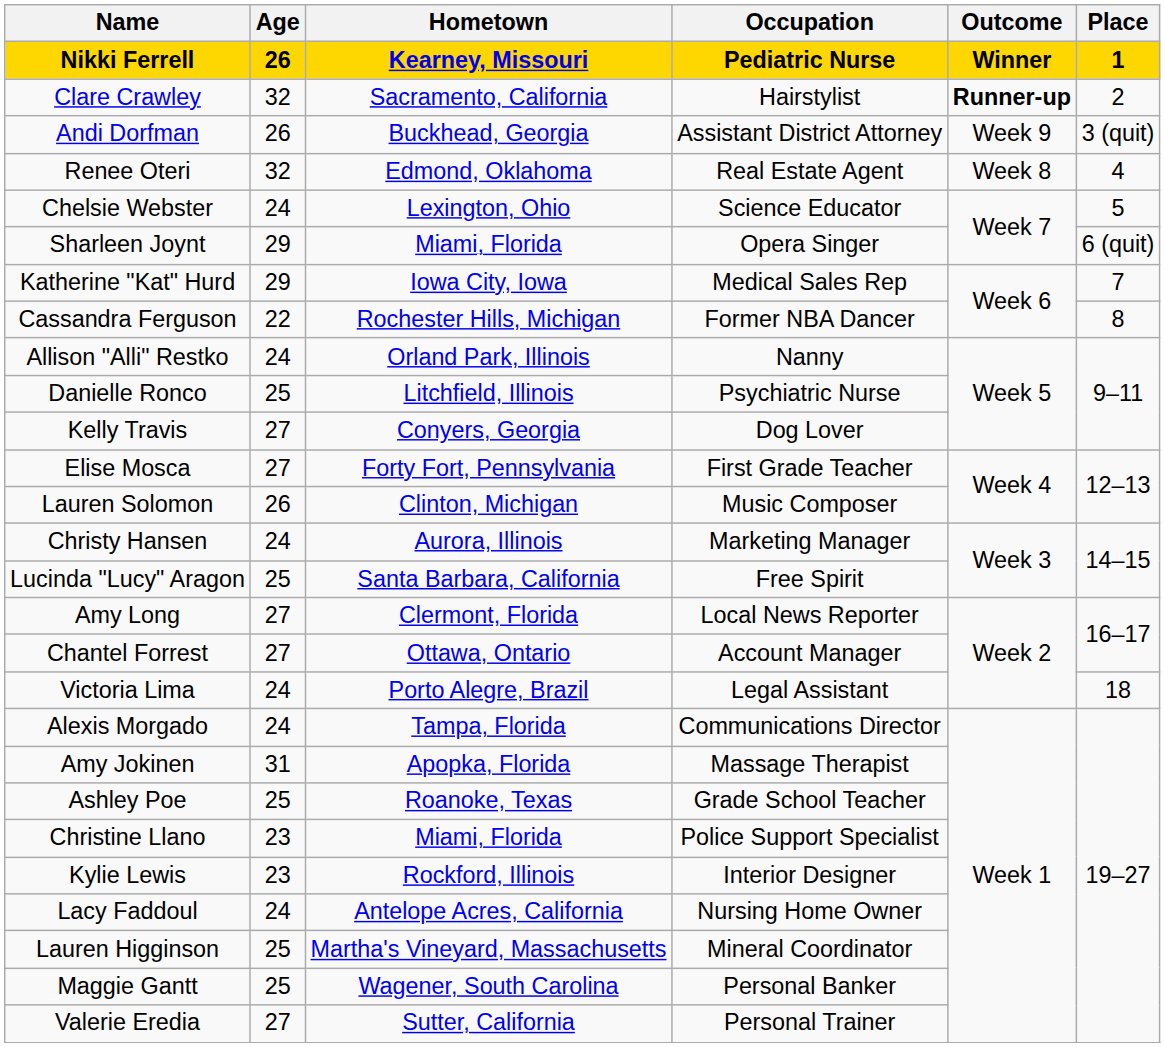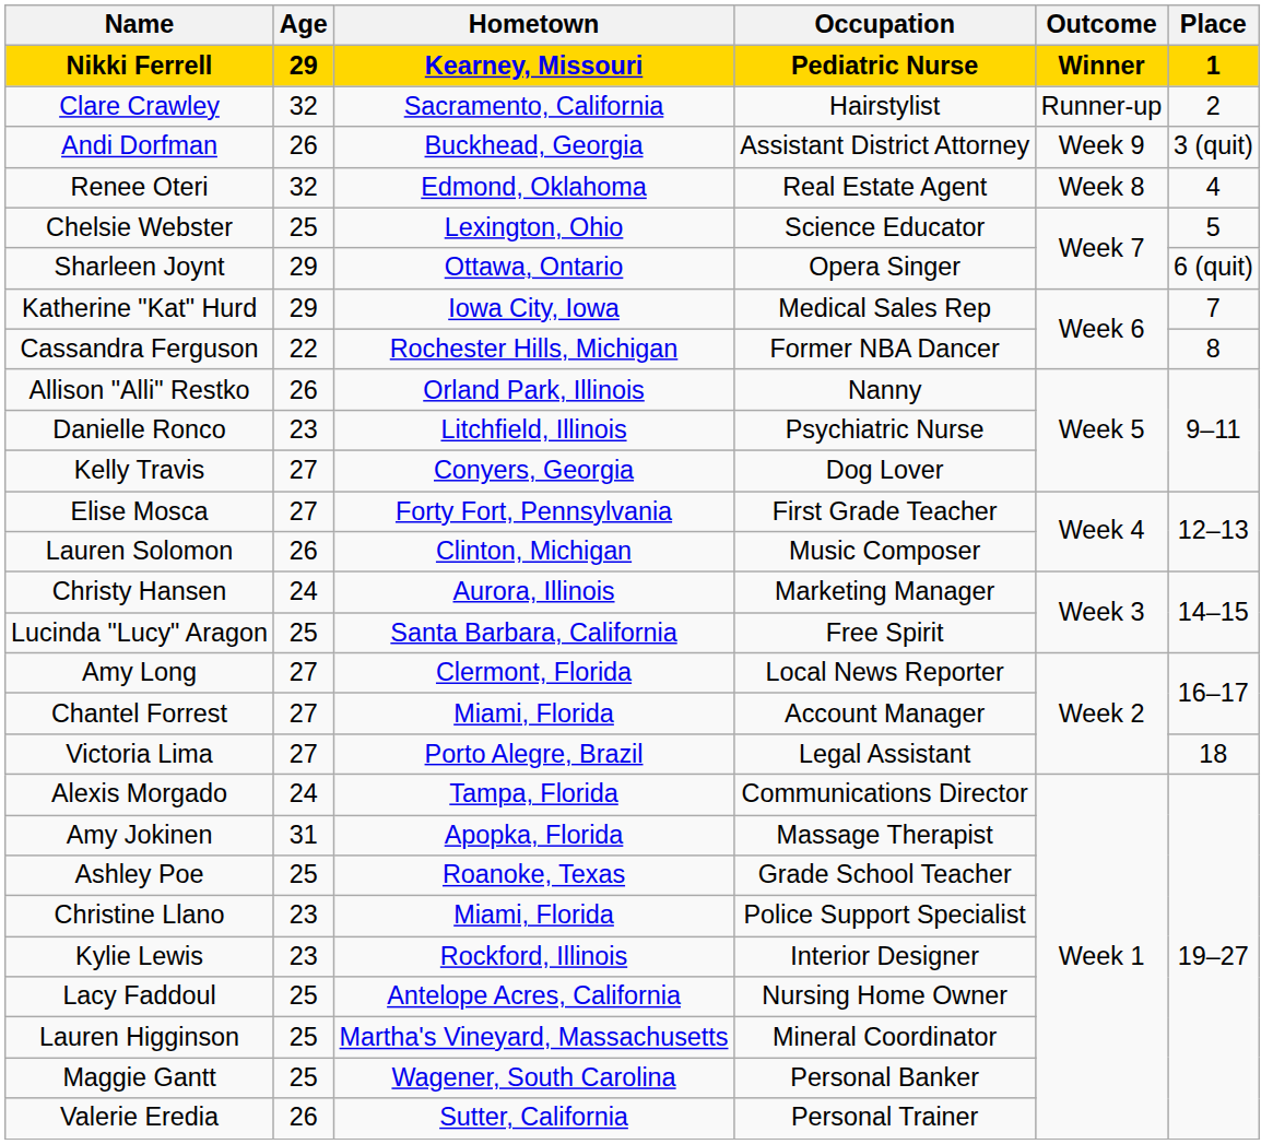 <table class="wikitable sortable" style="text-align:center;">
 <tr>
 <th>Name</th>
 <th>Age</th>
 <th>Hometown</th>
 <th>Occupation</th>
 <th>Outcome</th>
 <th>Place</th>
 </tr>
 <tr bgcolor="gold">
 <td><strong>Nikki Ferrell</strong></td>
-<td><strong>26</strong></td>
+<td><strong>29</strong></td>
 <td><strong><a href='#'>Kearney, Missouri</a></strong></td>
 <td><strong>Pediatric Nurse</strong></td>
 <td><strong>Winner</strong></td>
 <td><strong>1</strong></td>
 </tr>
 <tr>
 <td><a href='#'>Clare Crawley</a></td>
 <td>32</td>
 <td><a href='#'>Sacramento, California</a></td>
 <td>Hairstylist</td>
-<td><strong>Runner-up</strong></td>
+<td>Runner-up</td>
 <td>2</td>
 </tr>
 <tr>
 <td><a href='#'>Andi Dorfman</a></td>
 <td>26</td>
 <td><a href='#'>Buckhead, Georgia</a></td>
 <td>Assistant District Attorney</td>
 <td>Week 9</td>
 <td>3 (quit)</td>
 </tr>
 <tr>
 <td>Renee Oteri</td>
 <td>32</td>
 <td><a href='#'>Edmond, Oklahoma</a></td>
 <td>Real Estate Agent</td>
 <td>Week 8</td>
 <td>4</td>
 </tr>
 <tr>
 <td>Chelsie Webster</td>
-<td>24</td>
+<td>25</td>
 <td><a href='#'>Lexington, Ohio</a></td>
 <td>Science Educator</td>
 <td rowspan="2">Week 7</td>
 <td>5</td>
 </tr>
 <tr>
 <td>Sharleen Joynt</td>
 <td>29</td>
-<td><a href='#'>Miami, Florida</a></td>
+<td><a href='#'>Ottawa, Ontario</a></td>
 <td>Opera Singer</td>
 <td>6 (quit)</td>
 </tr>
 <tr>
 <td>Katherine "Kat" Hurd</td>
 <td>29</td>
 <td><a href='#'>Iowa City, Iowa</a></td>
 <td>Medical Sales Rep</td>
 <td rowspan="2">Week 6</td>
 <td>7</td>
 </tr>
 <tr>
 <td>Cassandra Ferguson</td>
 <td>22</td>
 <td><a href='#'>Rochester Hills, Michigan</a></td>
 <td>Former NBA Dancer</td>
 <td>8</td>
 </tr>
 <tr>
 <td>Allison "Alli" Restko</td>
-<td>24</td>
+<td>26</td>
 <td><a href='#'>Orland Park, Illinois</a></td>
 <td>Nanny</td>
 <td rowspan="3">Week 5</td>
 <td rowspan="3">9–11</td>
 </tr>
 <tr>
 <td>Danielle Ronco</td>
-<td>25</td>
+<td>23</td>
 <td><a href='#'>Litchfield, Illinois</a></td>
 <td>Psychiatric Nurse</td>
 </tr>
 <tr>
 <td>Kelly Travis</td>
 <td>27</td>
 <td><a href='#'>Conyers, Georgia</a></td>
 <td>Dog Lover</td>
 </tr>
 <tr>
 <td>Elise Mosca</td>
 <td>27</td>
 <td><a href='#'>Forty Fort, Pennsylvania</a></td>
 <td>First Grade Teacher</td>
 <td rowspan="2">Week 4</td>
 <td rowspan="2">12–13</td>
 </tr>
 <tr>
 <td>Lauren Solomon</td>
 <td>26</td>
 <td><a href='#'>Clinton, Michigan</a></td>
 <td>Music Composer</td>
 </tr>
 <tr>
 <td>Christy Hansen</td>
 <td>24</td>
 <td><a href='#'>Aurora, Illinois</a></td>
 <td>Marketing Manager</td>
 <td rowspan="2">Week 3</td>
 <td rowspan="2">14–15</td>
 </tr>
 <tr>
 <td>Lucinda "Lucy" Aragon</td>
 <td>25</td>
 <td><a href='#'>Santa Barbara, California</a></td>
 <td>Free Spirit</td>
 </tr>
 <tr>
 <td>Amy Long</td>
 <td>27</td>
 <td><a href='#'>Clermont, Florida</a></td>
 <td>Local News Reporter</td>
 <td rowspan="3">Week 2</td>
 <td rowspan="2">16–17</td>
 </tr>
 <tr>
 <td>Chantel Forrest</td>
 <td>27</td>
-<td><a href='#'>Ottawa, Ontario</a></td>
+<td><a href='#'>Miami, Florida</a></td>
 <td>Account Manager</td>
 </tr>
 <tr>
 <td>Victoria Lima</td>
-<td>24</td>
+<td>27</td>
 <td><a href='#'>Porto Alegre, Brazil</a></td>
 <td>Legal Assistant</td>
 <td>18</td>
 </tr>
 <tr>
 <td>Alexis Morgado</td>
 <td>24</td>
 <td><a href='#'>Tampa, Florida</a></td>
 <td>Communications Director</td>
 <td rowspan="9">Week 1</td>
 <td rowspan="9">19–27</td>
 </tr>
 <tr>
 <td>Amy Jokinen</td>
 <td>31</td>
 <td><a href='#'>Apopka, Florida</a></td>
 <td>Massage Therapist</td>
 </tr>
 <tr>
 <td>Ashley Poe</td>
 <td>25</td>
 <td><a href='#'>Roanoke, Texas</a></td>
 <td>Grade School Teacher</td>
 </tr>
 <tr>
 <td>Christine Llano</td>
 <td>23</td>
 <td><a href='#'>Miami, Florida</a></td>
 <td>Police Support Specialist</td>
 </tr>
 <tr>
 <td>Kylie Lewis</td>
 <td>23</td>
 <td><a href='#'>Rockford, Illinois</a></td>
 <td>Interior Designer</td>
 </tr>
 <tr>
 <td>Lacy Faddoul</td>
-<td>24</td>
+<td>25</td>
 <td><a href='#'>Antelope Acres, California</a></td>
 <td>Nursing Home Owner</td>
 </tr>
 <tr>
 <td>Lauren Higginson</td>
 <td>25</td>
 <td><a href='#'>Martha's Vineyard, Massachusetts</a></td>
 <td>Mineral Coordinator</td>
 </tr>
 <tr>
 <td>Maggie Gantt</td>
 <td>25</td>
 <td><a href='#'>Wagener, South Carolina</a></td>
 <td>Personal Banker</td>
 </tr>
 <tr>
 <td>Valerie Eredia</td>
-<td>27</td>
+<td>26</td>
 <td><a href='#'>Sutter, California</a></td>
 <td>Personal Trainer</td>
 </tr>
 <tr>
 </tr>
 </table>
